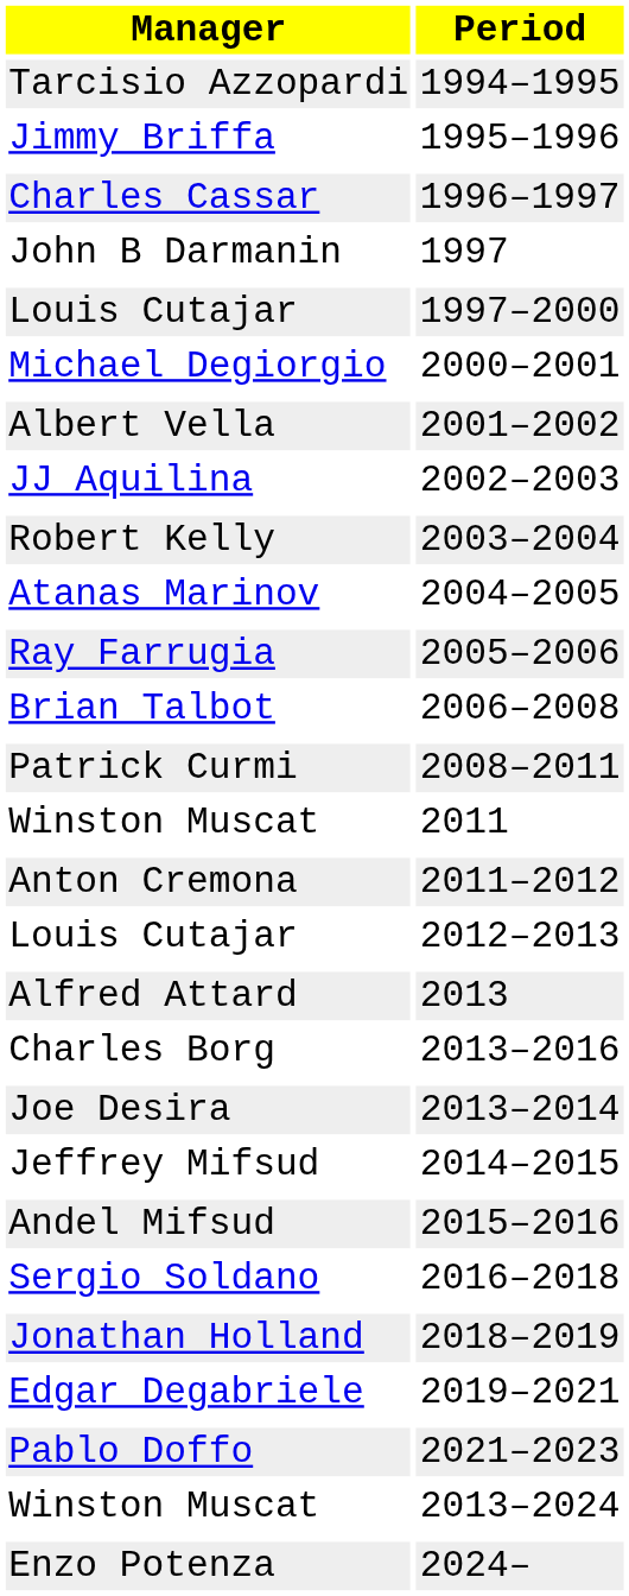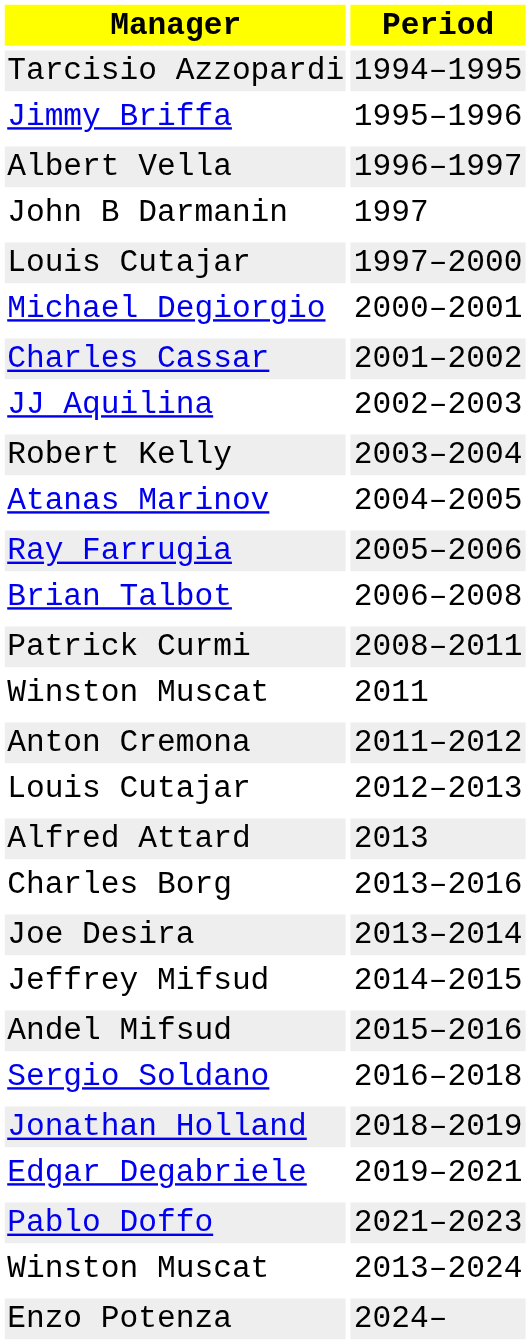 <table class="toccolours">
 <tr>
 <th bgcolor="#ffff00">Manager</th>
 <th bgcolor="#ffff00">Period</th>
 </tr>
 <tr bgcolor=#eeeeee>
 <td> Tarcisio Azzopardi</td>
 <td>1994–1995</td>
 </tr>
 <tr>
 <td> <a href='#'>Jimmy Briffa</a></td>
 <td>1995–1996</td>
 </tr>
 <tr>
 </tr>
 <tr bgcolor=#eeeeee>
-<td> <a href='#'>Charles Cassar</a></td>
+<td> Albert Vella</td>
 <td>1996–1997</td>
 </tr>
 <tr>
 <td> John B Darmanin</td>
 <td>1997</td>
 </tr>
 <tr>
 </tr>
 <tr bgcolor=#eeeeee>
 <td> Louis Cutajar</td>
 <td>1997–2000</td>
 </tr>
 <tr>
 <td> <a href='#'>Michael Degiorgio</a></td>
 <td>2000–2001</td>
 </tr>
 <tr>
 </tr>
 <tr bgcolor=#eeeeee>
-<td> Albert Vella</td>
+<td> <a href='#'>Charles Cassar</a></td>
 <td>2001–2002</td>
 </tr>
 <tr>
 <td> <a href='#'>JJ Aquilina</a></td>
 <td>2002–2003</td>
 </tr>
 <tr>
 </tr>
 <tr bgcolor=#eeeeee>
 <td> Robert Kelly</td>
 <td>2003–2004</td>
 </tr>
 <tr>
 <td> <a href='#'>Atanas Marinov</a></td>
 <td>2004–2005</td>
 </tr>
 <tr>
 </tr>
 <tr bgcolor=#eeeeee>
 <td> <a href='#'>Ray Farrugia</a></td>
 <td>2005–2006</td>
 </tr>
 <tr>
 <td> <a href='#'>Brian Talbot</a></td>
 <td>2006–2008</td>
 </tr>
 <tr>
 </tr>
 <tr bgcolor=#eeeeee>
 <td> Patrick Curmi</td>
 <td>2008–2011</td>
 </tr>
 <tr>
 <td> Winston Muscat</td>
 <td>2011</td>
 </tr>
 <tr>
 </tr>
 <tr bgcolor=#eeeeee>
 <td> Anton Cremona</td>
 <td>2011–2012</td>
 </tr>
 <tr>
 <td> Louis Cutajar</td>
 <td>2012–2013</td>
 </tr>
 <tr>
 </tr>
 <tr bgcolor=#eeeeee>
 <td> Alfred Attard</td>
 <td>2013</td>
 </tr>
 <tr>
 <td> Charles Borg</td>
 <td>2013–2016</td>
 </tr>
 <tr>
 </tr>
 <tr bgcolor=#eeeeee>
 <td> Joe Desira</td>
 <td>2013–2014</td>
 </tr>
 <tr>
 <td> Jeffrey Mifsud</td>
 <td>2014–2015</td>
 </tr>
 <tr>
 </tr>
 <tr bgcolor=#eeeeee>
 <td> Andel Mifsud</td>
 <td>2015–2016</td>
 </tr>
 <tr>
 <td> <a href='#'>Sergio Soldano</a></td>
 <td>2016–2018</td>
 </tr>
 <tr>
 </tr>
 <tr bgcolor=#eeeeee>
 <td> <a href='#'>Jonathan Holland</a></td>
 <td>2018–2019</td>
 </tr>
 <tr>
 <td> <a href='#'>Edgar Degabriele</a></td>
 <td>2019–2021</td>
 </tr>
 <tr>
 </tr>
 <tr bgcolor=#eeeeee>
 <td> <a href='#'>Pablo Doffo</a></td>
 <td>2021–2023</td>
 </tr>
 <tr>
 <td> Winston Muscat</td>
 <td>2013–2024</td>
 </tr>
 <tr>
 </tr>
 <tr bgcolor=#eeeeee>
 <td> Enzo Potenza</td>
 <td>2024–</td>
 </tr>
 </table>
